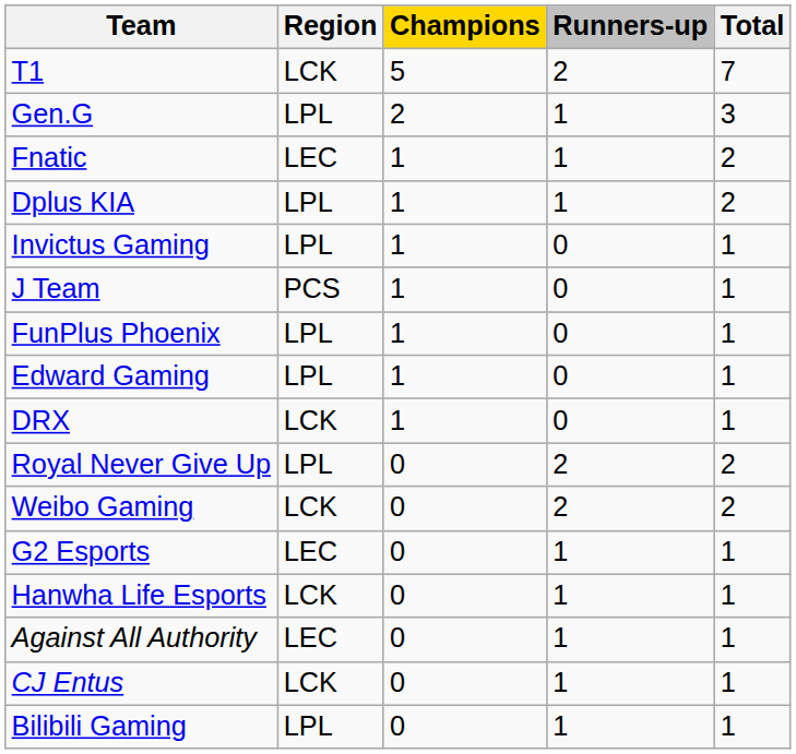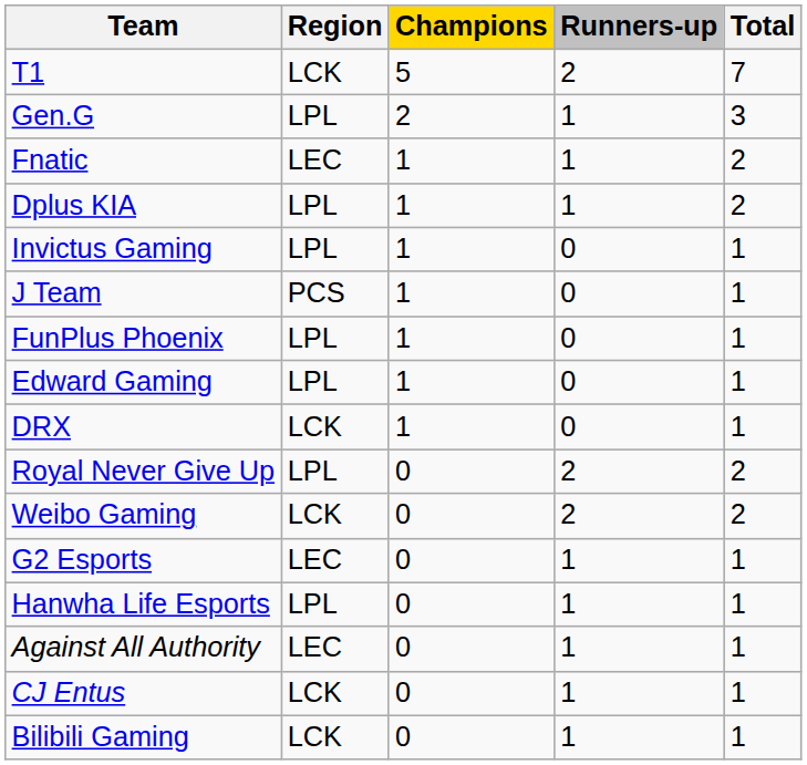 <table class="wikitable sortable">
 <tr>
 <th>Team</th>
 <th>Region</th>
 <th style="background:gold;">Champions</th>
 <th style="background:silver;">Runners-up</th>
 <th>Total</th>
 </tr>
 <tr>
 <td><a href='#'>T1</a></td>
 <td>LCK</td>
 <td>5</td>
 <td>2</td>
 <td>7</td>
 </tr>
 <tr>
 <td><a href='#'>Gen.G</a></td>
 <td>LPL</td>
 <td>2</td>
 <td>1</td>
 <td>3</td>
 </tr>
 <tr>
 <td><a href='#'>Fnatic</a></td>
 <td>LEC</td>
 <td>1</td>
 <td>1</td>
 <td>2</td>
 </tr>
 <tr>
 <td><a href='#'>Dplus KIA</a></td>
 <td>LPL</td>
 <td>1</td>
 <td>1</td>
 <td>2</td>
 </tr>
 <tr>
 <td><a href='#'>Invictus Gaming</a></td>
 <td>LPL</td>
 <td>1</td>
 <td>0</td>
 <td>1</td>
 </tr>
 <tr>
 <td><a href='#'>J Team</a></td>
 <td>PCS</td>
 <td>1</td>
 <td>0</td>
 <td>1</td>
 </tr>
 <tr>
 <td><a href='#'>FunPlus Phoenix</a></td>
 <td>LPL</td>
 <td>1</td>
 <td>0</td>
 <td>1</td>
 </tr>
 <tr>
 <td><a href='#'>Edward Gaming</a></td>
 <td>LPL</td>
 <td>1</td>
 <td>0</td>
 <td>1</td>
 </tr>
 <tr>
 <td><a href='#'>DRX</a></td>
 <td>LCK</td>
 <td>1</td>
 <td>0</td>
 <td>1</td>
 </tr>
 <tr>
 <td><a href='#'>Royal Never Give Up</a></td>
 <td>LPL</td>
 <td>0</td>
 <td>2</td>
 <td>2</td>
 </tr>
 <tr>
 <td><a href='#'>Weibo Gaming</a></td>
 <td>LCK</td>
 <td>0</td>
 <td>2</td>
 <td>2</td>
 </tr>
 <tr>
 <td><a href='#'>G2 Esports</a></td>
 <td>LEC</td>
 <td>0</td>
 <td>1</td>
 <td>1</td>
 </tr>
 <tr>
 <td><a href='#'>Hanwha Life Esports</a></td>
-<td>LCK</td>
+<td>LPL</td>
 <td>0</td>
 <td>1</td>
 <td>1</td>
 </tr>
 <tr>
 <td><em>Against All Authority</em></td>
 <td>LEC</td>
 <td>0</td>
 <td>1</td>
 <td>1</td>
 </tr>
 <tr>
 <td><em><a href='#'>CJ Entus</a></em></td>
 <td>LCK</td>
 <td>0</td>
 <td>1</td>
 <td>1</td>
 </tr>
 <tr>
 <td><a href='#'>Bilibili Gaming</a></td>
-<td>LPL</td>
+<td>LCK</td>
 <td>0</td>
 <td>1</td>
 <td>1</td>
 </tr>
 </table>
